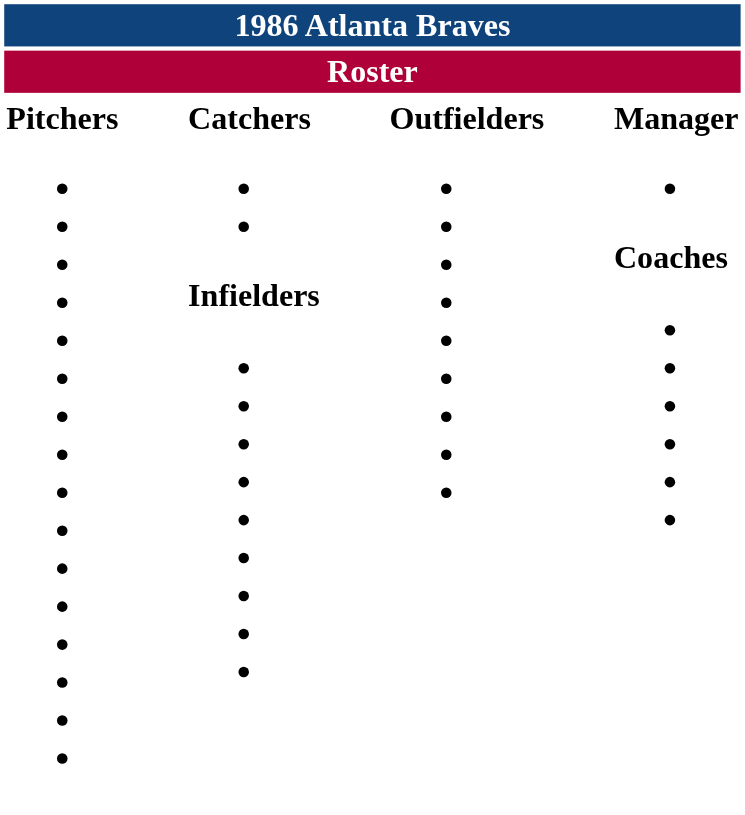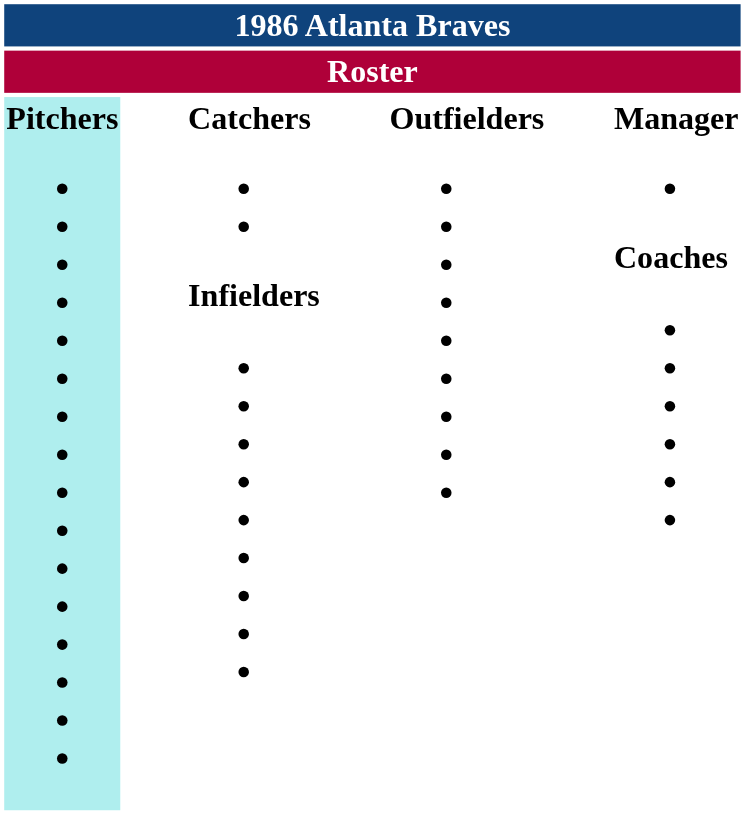 <table class="toccolours" style="font-size: 95%;">
 <tr>
 <th colspan="10" style="background-color: #0f437c; color: #FFFFFF; text-align: center;">1986 Atlanta Braves</th>
 </tr>
 <tr>
 <td colspan="10" style="background-color: #af0039; color: white; text-align: center;"><strong>Roster</strong></td>
 </tr>
 <tr>
-<td valign="top"><strong>Pitchers</strong><br><ul><li></li><li></li><li></li><li></li><li></li><li></li><li></li><li></li><li></li><li></li><li></li><li></li><li></li><li></li><li></li><li></li></ul></td>
+<td valign="top" style="background: paleturquoise;"><strong>Pitchers</strong><br><ul><li></li><li></li><li></li><li></li><li></li><li></li><li></li><li></li><li></li><li></li><li></li><li></li><li></li><li></li><li></li><li></li></ul></td>
 <td width="25px"></td>
 <td valign="top"><strong>Catchers</strong><br><ul><li></li><li></li></ul><strong>Infielders</strong><ul><li></li><li></li><li></li><li></li><li></li><li></li><li></li><li></li><li></li></ul></td>
 <td width="25px"></td>
 <td valign="top"><strong>Outfielders</strong><br><ul><li></li><li></li><li></li><li></li><li></li><li></li><li></li><li></li><li></li></ul></td>
 <td width="25px"></td>
 <td valign="top"><strong>Manager</strong><br><ul><li></li></ul><strong>Coaches</strong><ul><li></li><li></li><li></li><li></li><li></li><li></li></ul></td>
 </tr>
 </table>
